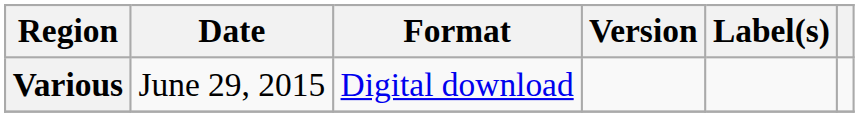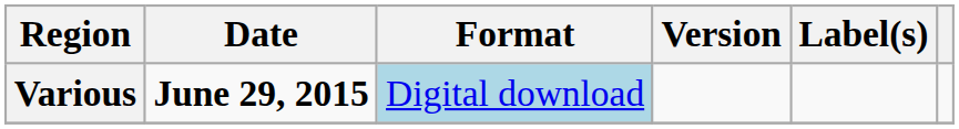 <table class="wikitable plainrowheaders">
 <tr>
 <th scope="col">Region</th>
 <th scope="col">Date</th>
 <th scope="col">Format</th>
 <th scope="col">Version</th>
 <th scope="col">Label(s)</th>
 <th scope="col"></th>
 </tr>
 <tr>
 <th scope="row">Various</th>
-<td>June 29, 2015</td>
-<td><a href='#'>Digital download</a></td>
+<td><strong>June 29, 2015</strong></td>
+<td style="background: lightblue;"><a href='#'>Digital download</a></td>
 <td></td>
 <td></td>
 <td align="center"></td>
 </tr>
 <tr>
 </tr>
 </table>
